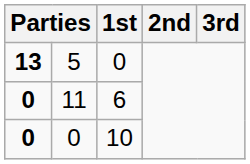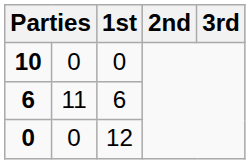 <table class="wikitable" style="text-align:center;">
 <tr>
 <th colspan=2 style="text-align:left;">Parties</th>
 <th>1st</th>
 <th>2nd</th>
 <th>3rd</th>
 </tr>
 <tr>
-<td><strong>13</strong></td>
-<td>5</td>
+<td><strong>10</strong></td>
+<td>0</td>
 <td>0</td>
 </tr>
 <tr>
-<td><strong>0</strong></td>
+<td><strong>6</strong></td>
 <td>11</td>
 <td>6</td>
 </tr>
 <tr>
 <td><strong>0</strong></td>
 <td>0</td>
-<td>10</td>
+<td>12</td>
 </tr>
 </table>
